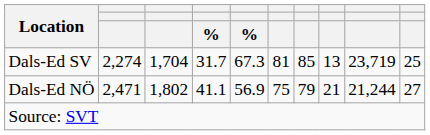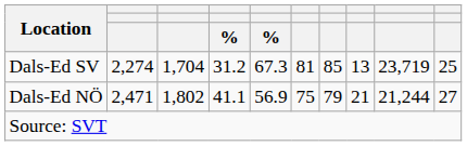 <table role="presentation" class="wikitable sortable mw-collapsible">
 <tr>
 <th rowspan="3">Location</th>
 <th></th>
 <th></th>
 <th></th>
 <th></th>
 <th></th>
 <th></th>
 <th></th>
 <th></th>
 <th></th>
 </tr>
 <tr>
 <th></th>
 <th></th>
 <th style="background:"></th>
 <th style="background:"></th>
 <th></th>
 <th></th>
 <th></th>
 <th></th>
 <th></th>
 </tr>
 <tr>
 <th data-sort-type="number"></th>
 <th data-sort-type="number"></th>
 <th data-sort-type="number">%</th>
 <th data-sort-type="number">%</th>
 <th data-sort-type="number"></th>
 <th data-sort-type="number"></th>
 <th data-sort-type="number"></th>
 <th data-sort-type="number"></th>
 <th data-sort-type="number"></th>
 </tr>
 <tr>
 <td align="left">Dals-Ed SV</td>
 <td>2,274</td>
 <td>1,704</td>
-<td>31.7</td>
+<td>31.2</td>
 <td>67.3</td>
 <td>81</td>
 <td>85</td>
 <td>13</td>
 <td>23,719</td>
 <td>25</td>
 </tr>
 <tr>
 <td align="left">Dals-Ed NÖ</td>
 <td>2,471</td>
 <td>1,802</td>
 <td>41.1</td>
 <td>56.9</td>
 <td>75</td>
 <td>79</td>
 <td>21</td>
 <td>21,244</td>
 <td>27</td>
 </tr>
 <tr>
 <td colspan="10" align="left">Source: <a href='#'>SVT</a></td>
 </tr>
 </table>
